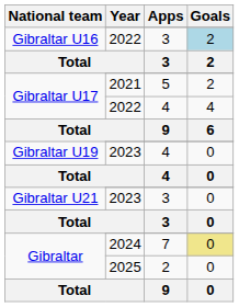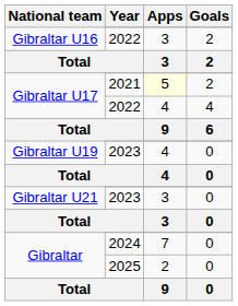 <table class=wikitable style="text-align: center;">
 <tr>
 <th>National team</th>
 <th>Year</th>
 <th>Apps</th>
 <th>Goals</th>
 </tr>
 <tr>
 <td rowspan=2><a href='#'>Gibraltar U16</a></td>
 </tr>
 <tr>
 <td>2022</td>
 <td>3</td>
-<td style="background: lightblue;">2</td>
+<td>2</td>
 </tr>
 <tr>
 <th colspan=2>Total</th>
 <th>3</th>
 <th>2</th>
 </tr>
 <tr>
 <td rowspan=3><a href='#'>Gibraltar U17</a></td>
 </tr>
 <tr>
 <td>2021</td>
-<td>5</td>
+<td style="background: lightyellow;">5</td>
 <td>2</td>
 </tr>
 <tr>
 <td>2022</td>
 <td>4</td>
 <td>4</td>
 </tr>
 <tr>
 <th colspan=2>Total</th>
 <th>9</th>
 <th>6</th>
 </tr>
 <tr>
 <td rowspan=2><a href='#'>Gibraltar U19</a></td>
 </tr>
 <tr>
 <td>2023</td>
 <td>4</td>
 <td>0</td>
 </tr>
 <tr>
 <th colspan=2>Total</th>
 <th>4</th>
 <th>0</th>
 </tr>
 <tr>
 <td rowspan=2><a href='#'>Gibraltar U21</a></td>
 </tr>
 <tr>
 <td>2023</td>
 <td>3</td>
 <td>0</td>
 </tr>
 <tr>
 <th colspan=2>Total</th>
 <th>3</th>
 <th>0</th>
 </tr>
 <tr>
 <td rowspan=3><a href='#'>Gibraltar</a></td>
 </tr>
 <tr>
 <td>2024</td>
 <td>7</td>
-<td style="background: khaki;">0</td>
+<td>0</td>
 </tr>
 <tr>
 <td>2025</td>
 <td>2</td>
 <td>0</td>
 </tr>
 <tr>
 <th colspan=2>Total</th>
 <th>9</th>
 <th>0</th>
 </tr>
 </table>
